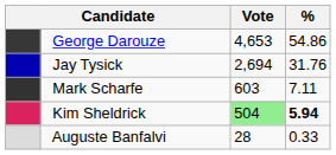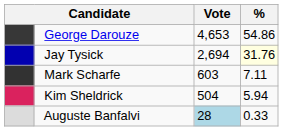 <table class="wikitable">
 <tr>
 <th bgcolor="#DDDDFF" width="230px" colspan="2">Candidate</th>
 <th bgcolor="#DDDDFF" width="50px">Vote</th>
 <th bgcolor="#DDDDFF" width="30px">%</th>
 </tr>
 <tr>
 <td bgcolor=#373737 width="30px"> </td>
 <td>  <a href='#'>George Darouze</a></td>
 <td>4,653</td>
 <td>54.86</td>
 </tr>
 <tr>
 <td bgcolor=#0200B0 width="30px"> </td>
 <td>  Jay Tysick</td>
 <td>2,694</td>
-<td>31.76</td>
+<td style="background: lightyellow;">31.76</td>
 </tr>
 <tr>
 <td bgcolor=#323232 width="30px"> </td>
 <td>  Mark Scharfe</td>
 <td>603</td>
 <td>7.11</td>
 </tr>
 <tr>
 <td bgcolor=#DA225E width="30px"> </td>
 <td>  Kim Sheldrick</td>
-<td style="background: lightgreen;">504</td>
-<td><strong>5.94</strong></td>
+<td>504</td>
+<td>5.94</td>
 </tr>
 <tr>
 <td bgcolor=#DCDCDC width="30px"> </td>
 <td>  Auguste Banfalvi</td>
-<td>28</td>
+<td style="background: lightblue;">28</td>
 <td>0.33</td>
 </tr>
 </table>
